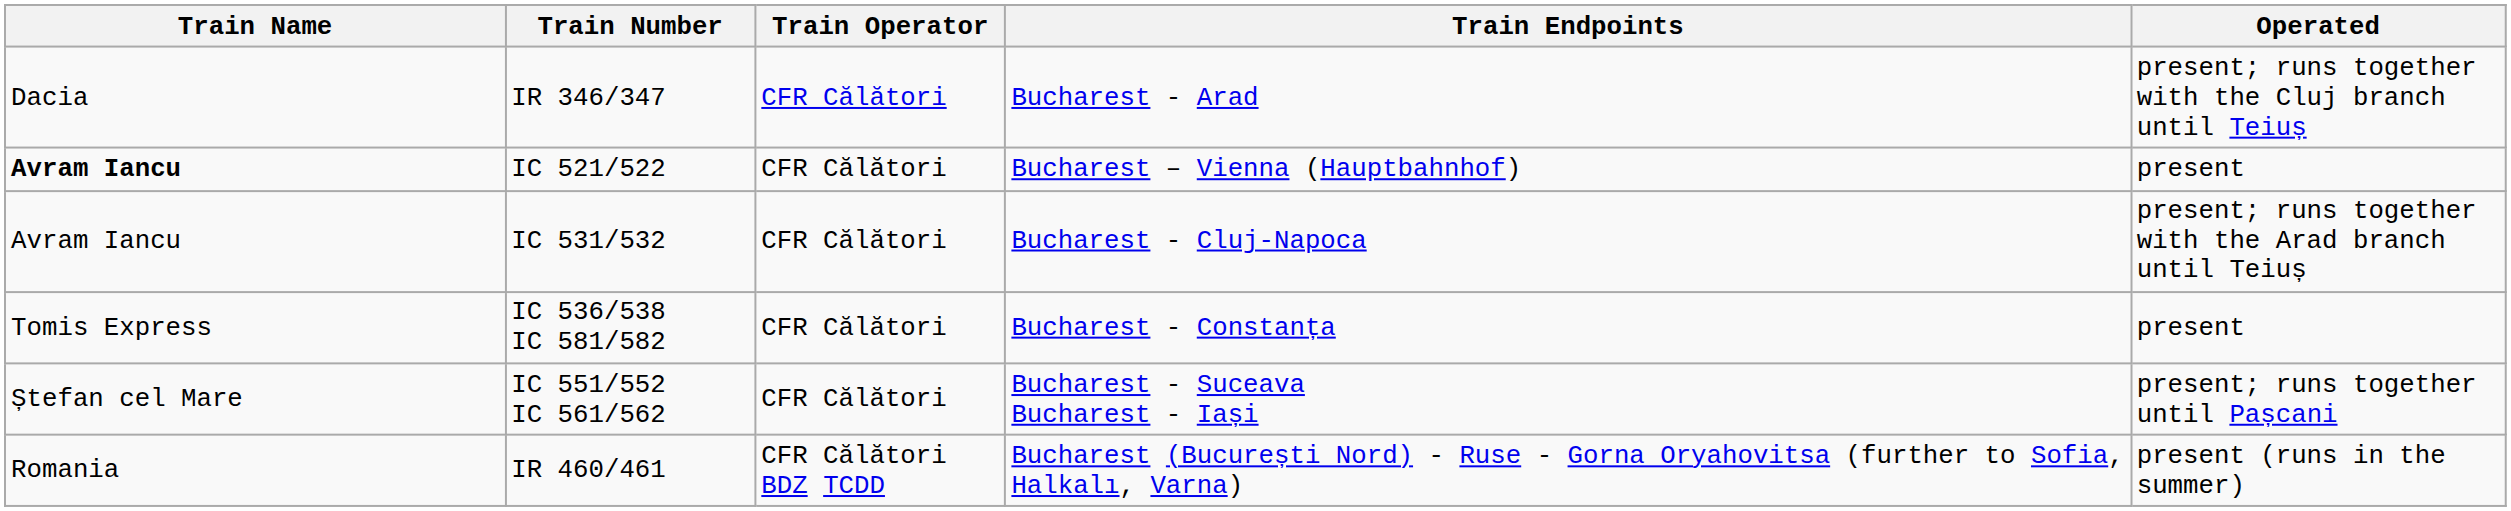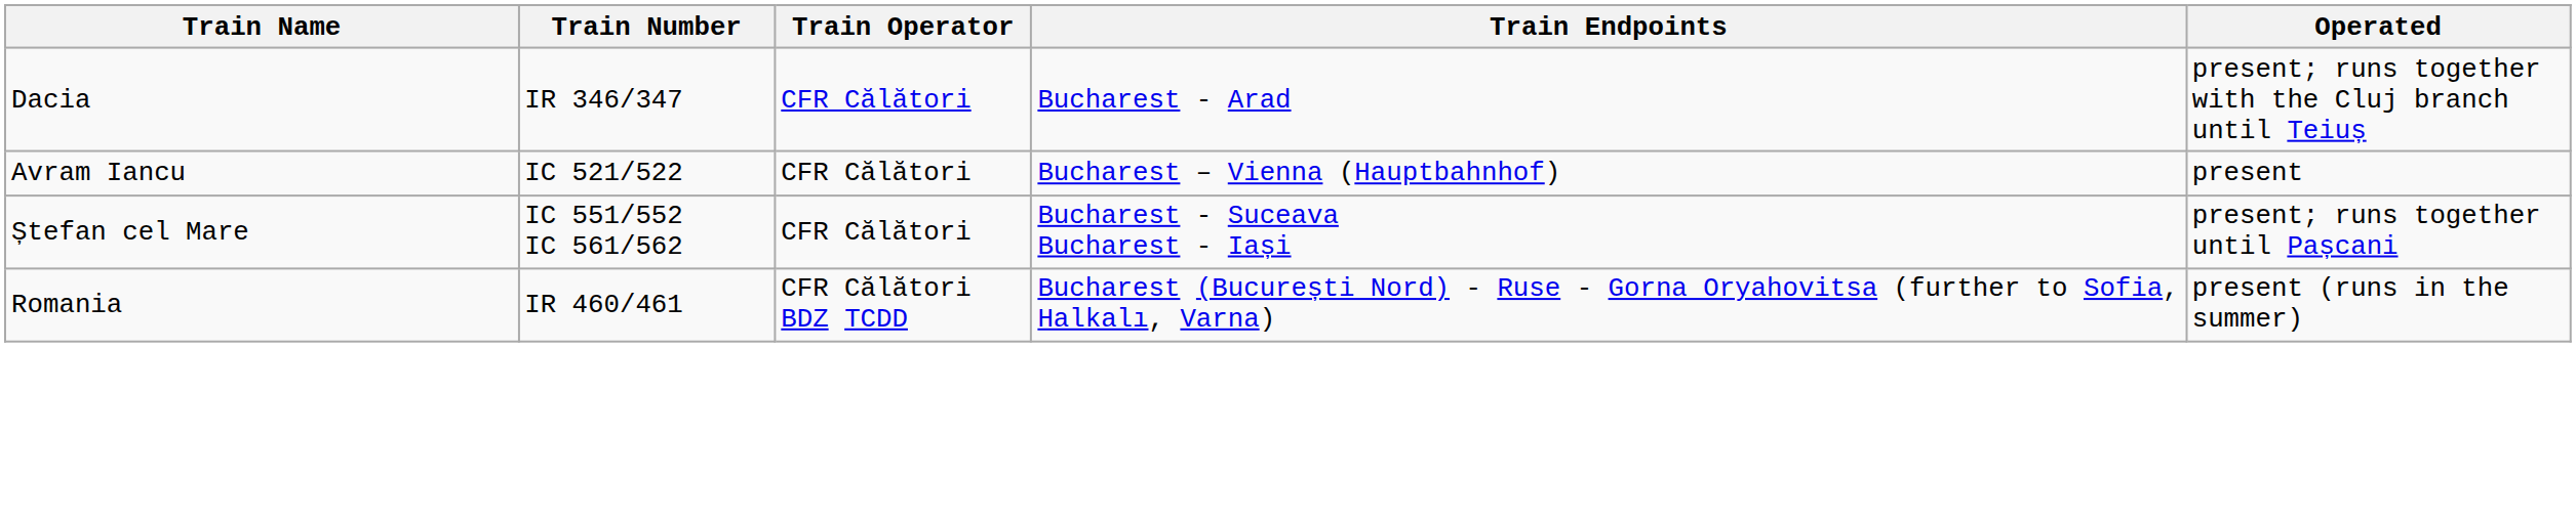 <table class="wikitable" width=100%>
 <tr>
 <th width=20%>Train Name</th>
 <th width=10%>Train Number</th>
 <th width=10%>Train Operator</th>
 <th width=45%>Train Endpoints</th>
 <th width=15%>Operated</th>
 </tr>
 <tr>
 <td>Dacia</td>
 <td>IR 346/347</td>
 <td><a href='#'>CFR Călători</a></td>
 <td><a href='#'>Bucharest</a> - <a href='#'>Arad</a></td>
 <td>present; runs together with the Cluj branch until <a href='#'>Teiuș</a></td>
 </tr>
 <tr>
-<td><strong>Avram Iancu</strong></td>
+<td>Avram Iancu</td>
 <td>IC 521/522</td>
 <td>CFR Călători</td>
 <td><a href='#'>Bucharest</a> – <a href='#'>Vienna</a> (<a href='#'>Hauptbahnhof</a>)</td>
-<td>present</td>
-</tr>
-<tr>
-<td>Avram Iancu</td>
-<td>IC 531/532</td>
-<td>CFR Călători</td>
-<td><a href='#'>Bucharest</a> - <a href='#'>Cluj-Napoca</a></td>
-<td>present; runs together with the Arad branch until Teiuș</td>
-</tr>
-<tr>
-<td>Tomis Express</td>
-<td>IC 536/538<br>IC 581/582</td>
-<td>CFR Călători</td>
-<td><a href='#'>Bucharest</a> - <a href='#'>Constanța</a></td>
 <td>present</td>
 </tr>
 <tr>
 <td>Ștefan cel Mare</td>
 <td>IC 551/552<br>IC 561/562</td>
 <td>CFR Călători</td>
 <td><a href='#'>Bucharest</a> - <a href='#'>Suceava</a><br><a href='#'>Bucharest</a> - <a href='#'>Iași</a></td>
 <td>present; runs together until <a href='#'>Pașcani</a></td>
 </tr>
 <tr>
 <td>Romania</td>
 <td>IR 460/461</td>
 <td>CFR Călători<br><a href='#'>BDZ</a> <a href='#'>TCDD</a></td>
 <td><a href='#'>Bucharest</a> <a href='#'>(București Nord)</a> - <a href='#'>Ruse</a> - <a href='#'>Gorna Oryahovitsa</a> (further to <a href='#'>Sofia</a>, <a href='#'>Halkalı</a>, <a href='#'>Varna</a>)</td>
 <td>present (runs in the summer)</td>
 </tr>
 </table>
